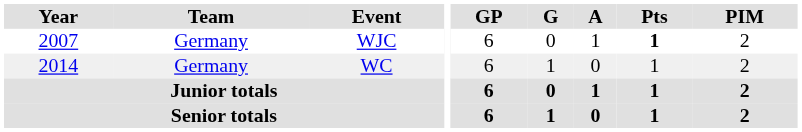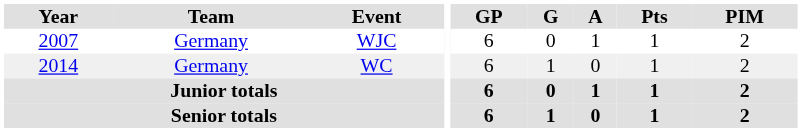 <table border="0" cellpadding="1" cellspacing="0" ID="Table3" style="text-align:center; width:40em">
 <tr ALIGN="center" bgcolor="#e0e0e0">
 <th>Year</th>
 <th>Team</th>
 <th>Event</th>
 <th rowspan="99" bgcolor="#ffffff"></th>
 <th>GP</th>
 <th>G</th>
 <th>A</th>
 <th>Pts</th>
 <th>PIM</th>
 </tr>
 <tr>
 <td><a href='#'>2007</a></td>
 <td><a href='#'>Germany</a></td>
 <td><a href='#'>WJC</a></td>
 <td>6</td>
 <td>0</td>
 <td>1</td>
-<td><strong>1</strong></td>
+<td>1</td>
 <td>2</td>
 </tr>
 <tr align=center bgcolor="#f0f0f0">
 <td><a href='#'>2014</a></td>
 <td><a href='#'>Germany</a></td>
 <td><a href='#'>WC</a></td>
 <td>6</td>
 <td>1</td>
 <td>0</td>
 <td>1</td>
 <td>2</td>
 </tr>
 <tr bgcolor="#e0e0e0">
 <th colspan="3">Junior totals</th>
 <th>6</th>
 <th>0</th>
 <th>1</th>
 <th>1</th>
 <th>2</th>
 </tr>
 <tr bgcolor="#e0e0e0">
 <th colspan="3">Senior totals</th>
 <th>6</th>
 <th>1</th>
 <th>0</th>
 <th>1</th>
 <th>2</th>
 </tr>
 </table>
